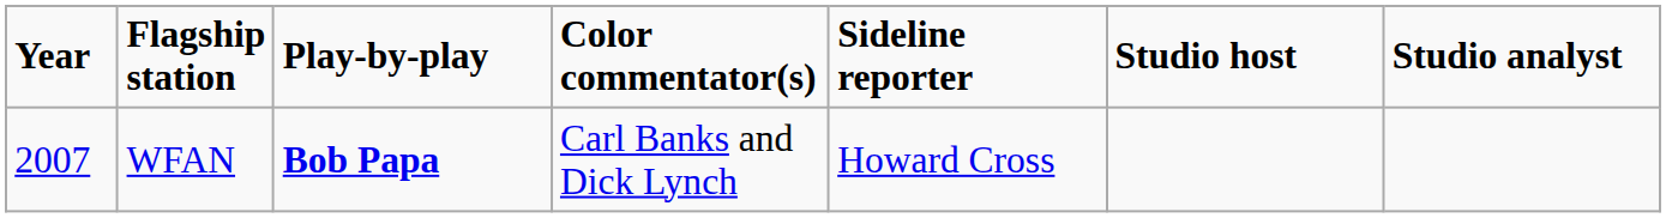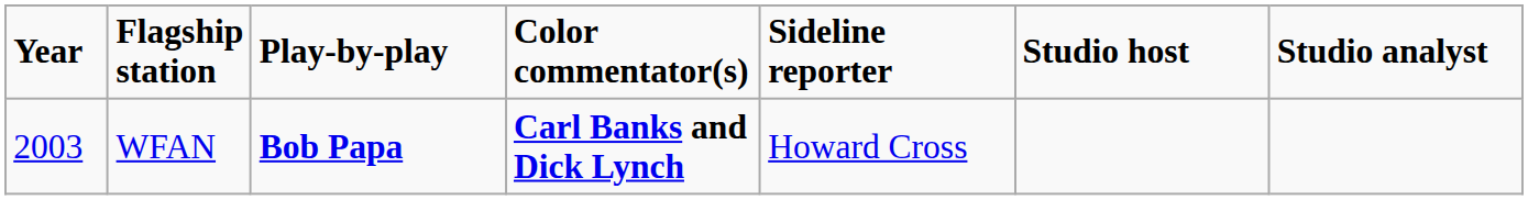 <table class="wikitable">
 <tr>
 <td width="40"><strong>Year</strong></td>
 <td width="40"><strong>Flagship station</strong></td>
 <td width="110"><strong>Play-by-play</strong></td>
 <td width="110"><strong>Color commentator(s)</strong></td>
 <td width="110"><strong>Sideline reporter</strong></td>
 <td width="110"><strong>Studio host</strong></td>
 <td width="110"><strong>Studio analyst</strong></td>
 </tr>
 <tr>
-<td><a href='#'>2007</a></td>
+<td><a href='#'>2003</a></td>
 <td><a href='#'>WFAN</a></td>
 <td><strong><a href='#'>Bob Papa</a></strong></td>
-<td><a href='#'>Carl Banks</a> and <a href='#'>Dick Lynch</a></td>
+<td><strong><a href='#'>Carl Banks</a> and <a href='#'>Dick Lynch</a></strong></td>
 <td><a href='#'>Howard Cross</a></td>
 <td></td>
 <td></td>
 </tr>
 </table>
